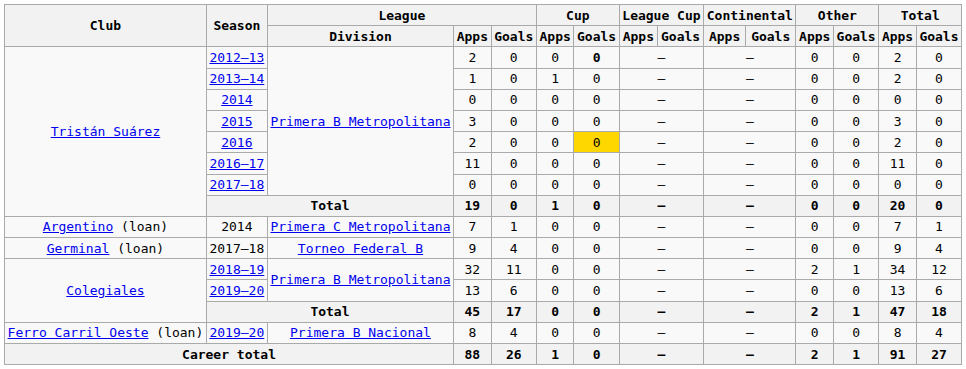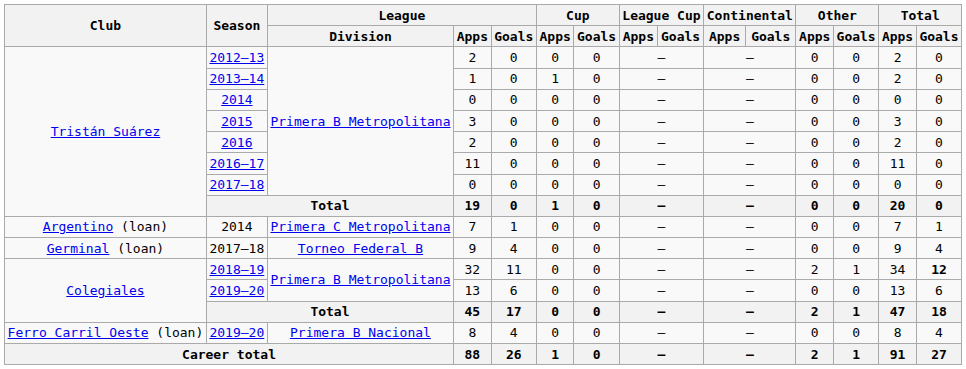 <table class="wikitable" style="text-align:center">
 <tr>
 <th rowspan="2">Club</th>
 <th rowspan="2">Season</th>
 <th colspan="3">League</th>
 <th colspan="2">Cup</th>
 <th colspan="2">League Cup</th>
 <th colspan="2">Continental</th>
 <th colspan="2">Other</th>
 <th colspan="2">Total</th>
 </tr>
 <tr>
 <th>Division</th>
 <th>Apps</th>
 <th>Goals</th>
 <th>Apps</th>
 <th>Goals</th>
 <th>Apps</th>
 <th>Goals</th>
 <th>Apps</th>
 <th>Goals</th>
 <th>Apps</th>
 <th>Goals</th>
 <th>Apps</th>
 <th>Goals</th>
 </tr>
 <tr>
 <td rowspan="8"><a href='#'>Tristán Suárez</a></td>
 <td><a href='#'>2012–13</a></td>
 <td rowspan="7"><a href='#'>Primera B Metropolitana</a></td>
 <td>2</td>
 <td>0</td>
 <td>0</td>
-<td><strong>0</strong></td>
+<td>0</td>
 <td colspan="2">—</td>
 <td colspan="2">—</td>
 <td>0</td>
 <td>0</td>
 <td>2</td>
 <td>0</td>
 </tr>
 <tr>
 <td><a href='#'>2013–14</a></td>
 <td>1</td>
 <td>0</td>
 <td>1</td>
 <td>0</td>
 <td colspan="2">—</td>
 <td colspan="2">—</td>
 <td>0</td>
 <td>0</td>
 <td>2</td>
 <td>0</td>
 </tr>
 <tr>
 <td><a href='#'>2014</a></td>
 <td>0</td>
 <td>0</td>
 <td>0</td>
 <td>0</td>
 <td colspan="2">—</td>
 <td colspan="2">—</td>
 <td>0</td>
 <td>0</td>
 <td>0</td>
 <td>0</td>
 </tr>
 <tr>
 <td><a href='#'>2015</a></td>
 <td>3</td>
 <td>0</td>
 <td>0</td>
 <td>0</td>
 <td colspan="2">—</td>
 <td colspan="2">—</td>
 <td>0</td>
 <td>0</td>
 <td>3</td>
 <td>0</td>
 </tr>
 <tr>
 <td><a href='#'>2016</a></td>
 <td>2</td>
 <td>0</td>
 <td>0</td>
-<td style="background: gold;">0</td>
+<td>0</td>
 <td colspan="2">—</td>
 <td colspan="2">—</td>
 <td>0</td>
 <td>0</td>
 <td>2</td>
 <td>0</td>
 </tr>
 <tr>
 <td><a href='#'>2016–17</a></td>
 <td>11</td>
 <td>0</td>
 <td>0</td>
 <td>0</td>
 <td colspan="2">—</td>
 <td colspan="2">—</td>
 <td>0</td>
 <td>0</td>
 <td>11</td>
 <td>0</td>
 </tr>
 <tr>
 <td><a href='#'>2017–18</a></td>
 <td>0</td>
 <td>0</td>
 <td>0</td>
 <td>0</td>
 <td colspan="2">—</td>
 <td colspan="2">—</td>
 <td>0</td>
 <td>0</td>
 <td>0</td>
 <td>0</td>
 </tr>
 <tr>
 <th colspan="2">Total</th>
 <th>19</th>
 <th>0</th>
 <th>1</th>
 <th>0</th>
 <th colspan="2">—</th>
 <th colspan="2">—</th>
 <th>0</th>
 <th>0</th>
 <th>20</th>
 <th>0</th>
 </tr>
 <tr>
 <td rowspan="1"><a href='#'>Argentino</a> (loan)</td>
 <td>2014</td>
 <td rowspan="1"><a href='#'>Primera C Metropolitana</a></td>
 <td>7</td>
 <td>1</td>
 <td>0</td>
 <td>0</td>
 <td colspan="2">—</td>
 <td colspan="2">—</td>
 <td>0</td>
 <td>0</td>
 <td>7</td>
 <td>1</td>
 </tr>
 <tr>
 <td rowspan="1"><a href='#'>Germinal</a> (loan)</td>
 <td>2017–18</td>
 <td rowspan="1"><a href='#'>Torneo Federal B</a></td>
 <td>9</td>
 <td>4</td>
 <td>0</td>
 <td>0</td>
 <td colspan="2">—</td>
 <td colspan="2">—</td>
 <td>0</td>
 <td>0</td>
 <td>9</td>
 <td>4</td>
 </tr>
 <tr>
 <td rowspan="3"><a href='#'>Colegiales</a></td>
 <td><a href='#'>2018–19</a></td>
 <td rowspan="2"><a href='#'>Primera B Metropolitana</a></td>
 <td>32</td>
 <td>11</td>
 <td>0</td>
 <td>0</td>
 <td colspan="2">—</td>
 <td colspan="2">—</td>
 <td>2</td>
 <td>1</td>
 <td>34</td>
-<td>12</td>
+<td><strong>12</strong></td>
 </tr>
 <tr>
 <td><a href='#'>2019–20</a></td>
 <td>13</td>
 <td>6</td>
 <td>0</td>
 <td>0</td>
 <td colspan="2">—</td>
 <td colspan="2">—</td>
 <td>0</td>
 <td>0</td>
 <td>13</td>
 <td>6</td>
 </tr>
 <tr>
 <th colspan="2">Total</th>
 <th>45</th>
 <th>17</th>
 <th>0</th>
 <th>0</th>
 <th colspan="2">—</th>
 <th colspan="2">—</th>
 <th>2</th>
 <th>1</th>
 <th>47</th>
 <th>18</th>
 </tr>
 <tr>
 <td rowspan="1"><a href='#'>Ferro Carril Oeste</a> (loan)</td>
 <td><a href='#'>2019–20</a></td>
 <td rowspan="1"><a href='#'>Primera B Nacional</a></td>
 <td>8</td>
 <td>4</td>
 <td>0</td>
 <td>0</td>
 <td colspan="2">—</td>
 <td colspan="2">—</td>
 <td>0</td>
 <td>0</td>
 <td>8</td>
 <td>4</td>
 </tr>
 <tr>
 <th colspan="3">Career total</th>
 <th>88</th>
 <th>26</th>
 <th>1</th>
 <th>0</th>
 <th colspan="2">—</th>
 <th colspan="2">—</th>
 <th>2</th>
 <th>1</th>
 <th>91</th>
 <th>27</th>
 </tr>
 </table>
